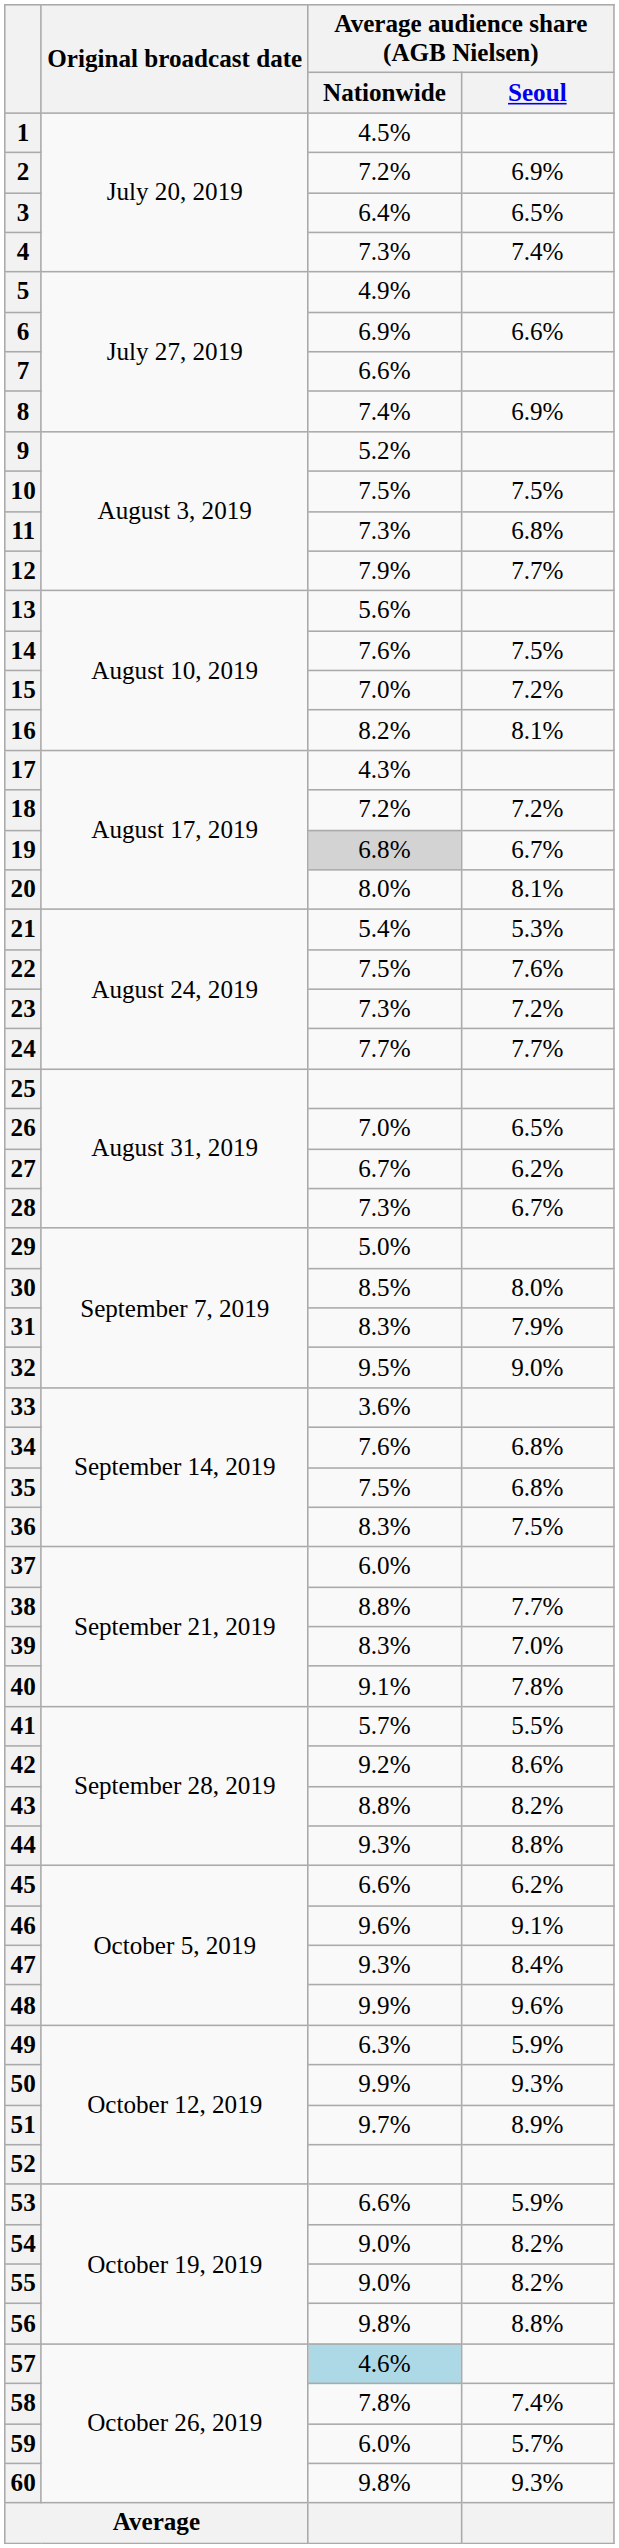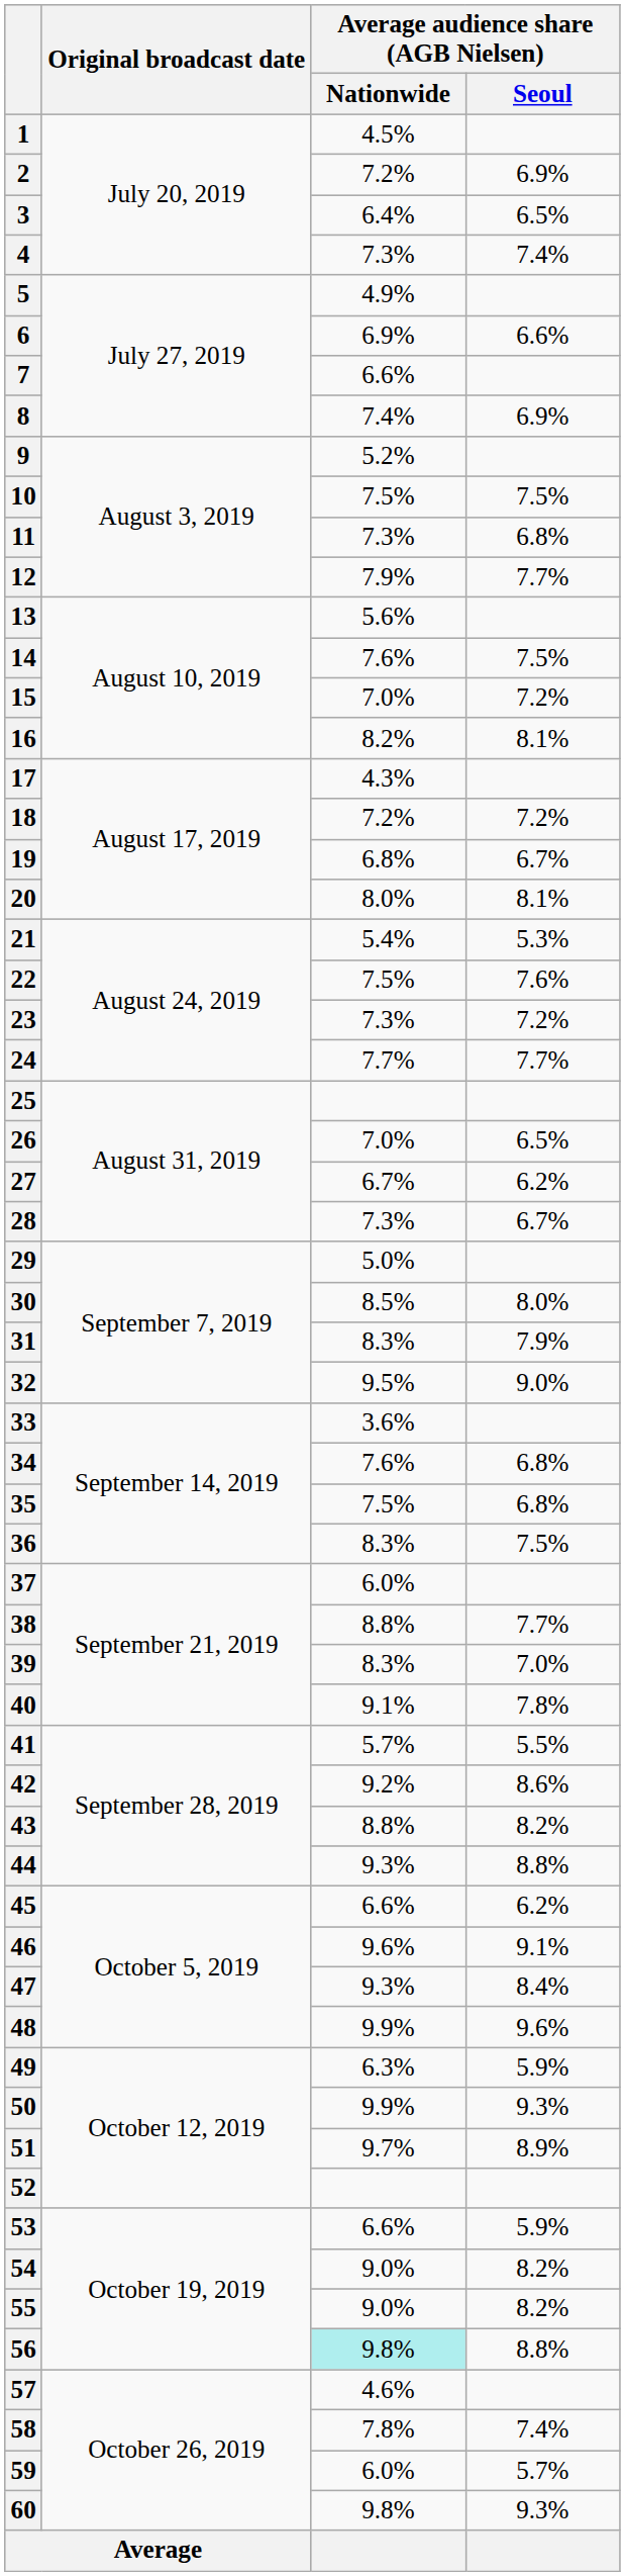 <table class="wikitable" style="text-align:center">
 <tr>
 <th rowspan="2"></th>
 <th rowspan="2">Original broadcast date</th>
 <th colspan="2">Average audience share<br>(AGB Nielsen)</th>
 </tr>
 <tr>
 <th width="90">Nationwide</th>
 <th width="90"><a href='#'>Seoul</a></th>
 </tr>
 <tr>
 <th>1</th>
 <td rowspan="4">July 20, 2019</td>
 <td>4.5% </td>
 <td></td>
 </tr>
 <tr>
 <th>2</th>
 <td>7.2% </td>
 <td>6.9% </td>
 </tr>
 <tr>
 <th>3</th>
 <td>6.4% </td>
 <td>6.5% </td>
 </tr>
 <tr>
 <th>4</th>
 <td>7.3% </td>
 <td>7.4% </td>
 </tr>
 <tr>
 <th>5</th>
 <td rowspan="4">July 27, 2019</td>
 <td>4.9% </td>
 <td></td>
 </tr>
 <tr>
 <th>6</th>
 <td>6.9% </td>
 <td>6.6% </td>
 </tr>
 <tr>
 <th>7</th>
 <td>6.6% </td>
 <td></td>
 </tr>
 <tr>
 <th>8</th>
 <td>7.4% </td>
 <td>6.9% </td>
 </tr>
 <tr>
 <th>9</th>
 <td rowspan="4">August 3, 2019</td>
 <td>5.2% </td>
 <td> </td>
 </tr>
 <tr>
 <th>10</th>
 <td>7.5% </td>
 <td>7.5% </td>
 </tr>
 <tr>
 <th>11</th>
 <td>7.3% </td>
 <td>6.8% </td>
 </tr>
 <tr>
 <th>12</th>
 <td>7.9% </td>
 <td>7.7% </td>
 </tr>
 <tr>
 <th>13</th>
 <td rowspan="4">August 10, 2019</td>
 <td>5.6% </td>
 <td></td>
 </tr>
 <tr>
 <th>14</th>
 <td>7.6% </td>
 <td>7.5% </td>
 </tr>
 <tr>
 <th>15</th>
 <td>7.0% </td>
 <td>7.2% </td>
 </tr>
 <tr>
 <th>16</th>
 <td>8.2% </td>
 <td>8.1% </td>
 </tr>
 <tr>
 <th>17</th>
 <td rowspan="4">August 17, 2019</td>
 <td>4.3% </td>
 <td></td>
 </tr>
 <tr>
 <th>18</th>
 <td>7.2% </td>
 <td>7.2% </td>
 </tr>
 <tr>
 <th>19</th>
-<td style="background: lightgrey;">6.8% </td>
+<td>6.8% </td>
 <td>6.7% </td>
 </tr>
 <tr>
 <th>20</th>
 <td>8.0% </td>
 <td>8.1% </td>
 </tr>
 <tr>
 <th>21</th>
 <td rowspan="4">August 24, 2019</td>
 <td>5.4% </td>
 <td>5.3% </td>
 </tr>
 <tr>
 <th>22</th>
 <td>7.5% </td>
 <td>7.6% </td>
 </tr>
 <tr>
 <th>23</th>
 <td>7.3% </td>
 <td>7.2% </td>
 </tr>
 <tr>
 <th>24</th>
 <td>7.7% </td>
 <td>7.7% </td>
 </tr>
 <tr>
 <th>25</th>
 <td rowspan="4">August 31, 2019</td>
 <td> </td>
 <td></td>
 </tr>
 <tr>
 <th>26</th>
 <td>7.0% </td>
 <td>6.5% </td>
 </tr>
 <tr>
 <th>27</th>
 <td>6.7% </td>
 <td>6.2% </td>
 </tr>
 <tr>
 <th>28</th>
 <td>7.3% </td>
 <td>6.7% </td>
 </tr>
 <tr>
 <th>29</th>
 <td rowspan="4">September 7, 2019</td>
 <td>5.0% </td>
 <td></td>
 </tr>
 <tr>
 <th>30</th>
 <td>8.5% </td>
 <td>8.0% </td>
 </tr>
 <tr>
 <th>31</th>
 <td>8.3% </td>
 <td>7.9% </td>
 </tr>
 <tr>
 <th>32</th>
 <td>9.5% </td>
 <td>9.0% </td>
 </tr>
 <tr>
 <th>33</th>
 <td rowspan="4">September 14, 2019</td>
 <td>3.6% </td>
 <td></td>
 </tr>
 <tr>
 <th>34</th>
 <td>7.6% </td>
 <td>6.8% </td>
 </tr>
 <tr>
 <th>35</th>
 <td>7.5% </td>
 <td>6.8% </td>
 </tr>
 <tr>
 <th>36</th>
 <td>8.3% </td>
 <td>7.5% </td>
 </tr>
 <tr>
 <th>37</th>
 <td rowspan="4">September 21, 2019</td>
 <td>6.0% </td>
 <td></td>
 </tr>
 <tr>
 <th>38</th>
 <td>8.8% </td>
 <td>7.7% </td>
 </tr>
 <tr>
 <th>39</th>
 <td>8.3% </td>
 <td>7.0% </td>
 </tr>
 <tr>
 <th>40</th>
 <td>9.1% </td>
 <td>7.8% </td>
 </tr>
 <tr>
 <th>41</th>
 <td rowspan="4">September 28, 2019</td>
 <td>5.7% </td>
 <td>5.5% </td>
 </tr>
 <tr>
 <th>42</th>
 <td>9.2% </td>
 <td>8.6% </td>
 </tr>
 <tr>
 <th>43</th>
 <td>8.8% </td>
 <td>8.2% </td>
 </tr>
 <tr>
 <th>44</th>
 <td>9.3% </td>
 <td>8.8% </td>
 </tr>
 <tr>
 <th>45</th>
 <td rowspan="4">October 5, 2019</td>
 <td>6.6% </td>
 <td>6.2% </td>
 </tr>
 <tr>
 <th>46</th>
 <td>9.6% </td>
 <td>9.1% </td>
 </tr>
 <tr>
 <th>47</th>
 <td>9.3% </td>
 <td>8.4% </td>
 </tr>
 <tr>
 <th>48</th>
 <td>9.9% </td>
 <td>9.6% </td>
 </tr>
 <tr>
 <th>49</th>
 <td rowspan="4">October 12, 2019</td>
 <td>6.3% </td>
 <td>5.9% </td>
 </tr>
 <tr>
 <th>50</th>
 <td>9.9% </td>
 <td>9.3% </td>
 </tr>
 <tr>
 <th>51</th>
 <td>9.7% </td>
 <td>8.9% </td>
 </tr>
 <tr>
 <th>52</th>
 <td> </td>
 <td> </td>
 </tr>
 <tr>
 <th>53</th>
 <td rowspan="4">October 19, 2019</td>
 <td>6.6% </td>
 <td>5.9% </td>
 </tr>
 <tr>
 <th>54</th>
 <td>9.0% </td>
 <td>8.2% </td>
 </tr>
 <tr>
 <th>55</th>
 <td>9.0% </td>
 <td>8.2% </td>
 </tr>
 <tr>
 <th>56</th>
-<td>9.8% </td>
+<td style="background: paleturquoise;">9.8% </td>
 <td>8.8% </td>
 </tr>
 <tr>
 <th>57</th>
 <td rowspan="4">October 26, 2019</td>
-<td style="background: lightblue;">4.6% </td>
+<td>4.6% </td>
 <td></td>
 </tr>
 <tr>
 <th>58</th>
 <td>7.8% </td>
 <td>7.4% </td>
 </tr>
 <tr>
 <th>59</th>
 <td>6.0% </td>
 <td>5.7% </td>
 </tr>
 <tr>
 <th>60</th>
 <td>9.8% </td>
 <td>9.3% </td>
 </tr>
 <tr>
 <th colspan="2">Average</th>
 <th></th>
 <th></th>
 </tr>
 </table>
